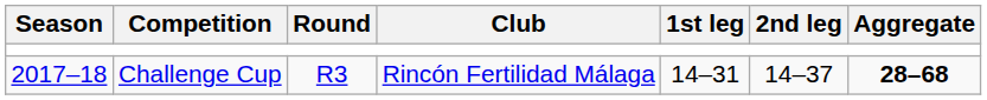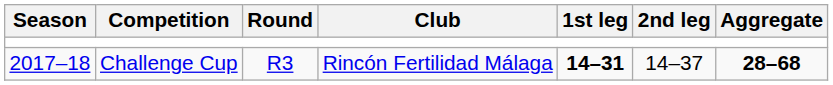 <table class="wikitable">
 <tr>
 <th>Season</th>
 <th>Competition</th>
 <th>Round</th>
 <th>Club</th>
 <th>1st leg</th>
 <th>2nd leg</th>
 <th>Aggregate</th>
 </tr>
 <tr>
 <td colspan="7" bgcolor=white></td>
 </tr>
 <tr>
 <td><a href='#'>2017–18</a></td>
 <td><a href='#'>Challenge Cup</a></td>
 <td style="text-align:center;"><a href='#'>R3</a></td>
 <td> <a href='#'>Rincón Fertilidad Málaga</a></td>
-<td style="text-align:center;">14–31</td>
+<td style="text-align:center;"><strong>14–31</strong></td>
 <td style="text-align:center;">14–37</td>
 <td style="text-align:center;"><strong>28–68</strong></td>
 </tr>
 </table>
